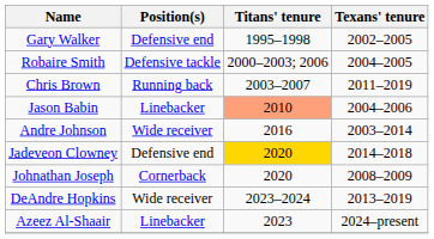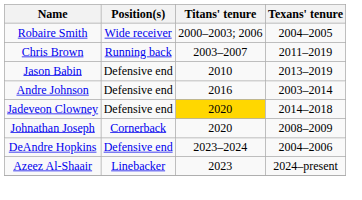 <table class="wikitable" style="text-align: center">
 <tr>
 <th>Name</th>
 <th>Position(s)</th>
 <th>Titans' tenure</th>
 <th>Texans' tenure</th>
 </tr>
 <tr>
-<td><a href='#'>Gary Walker</a></td>
-<td><a href='#'>Defensive end</a></td>
-<td>1995–1998</td>
-<td>2002–2005</td>
-</tr>
-<tr>
 <td><a href='#'>Robaire Smith</a></td>
-<td><a href='#'>Defensive tackle</a></td>
+<td><a href='#'>Wide receiver</a></td>
 <td>2000–2003; 2006</td>
 <td>2004–2005</td>
 </tr>
 <tr>
 <td><a href='#'>Chris Brown</a></td>
 <td><a href='#'>Running back</a></td>
 <td>2003–2007</td>
 <td>2011–2019</td>
 </tr>
 <tr>
 <td><a href='#'>Jason Babin</a></td>
-<td><a href='#'>Linebacker</a></td>
-<td style="background: lightsalmon;">2010</td>
-<td>2004–2006</td>
+<td>Defensive end</td>
+<td>2010</td>
+<td>2013–2019</td>
 </tr>
 <tr>
 <td><a href='#'>Andre Johnson</a></td>
-<td><a href='#'>Wide receiver</a></td>
+<td>Defensive end</td>
 <td>2016</td>
 <td>2003–2014</td>
 </tr>
 <tr>
 <td><a href='#'>Jadeveon Clowney</a></td>
 <td>Defensive end</td>
 <td style="background: gold;">2020</td>
 <td>2014–2018</td>
 </tr>
 <tr>
 <td><a href='#'>Johnathan Joseph</a></td>
 <td><a href='#'>Cornerback</a></td>
 <td>2020</td>
 <td>2008–2009</td>
 </tr>
 <tr>
 <td><a href='#'>DeAndre Hopkins</a></td>
-<td>Wide receiver</td>
+<td><a href='#'>Defensive end</a></td>
 <td>2023–2024</td>
-<td>2013–2019</td>
+<td>2004–2006</td>
 </tr>
 <tr>
 <td><a href='#'>Azeez Al-Shaair</a></td>
 <td><a href='#'>Linebacker</a></td>
 <td>2023</td>
 <td>2024–present</td>
 </tr>
 <tr>
 </tr>
 </table>
